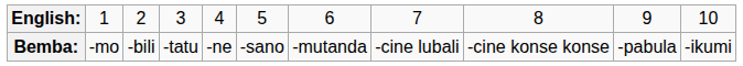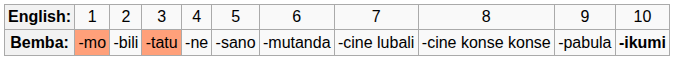 <table class="wikitable" style="margin:1em auto;">
 <tr align="center">
 <th align="right">English:</th>
 <td>1</td>
 <td>2</td>
 <td>3</td>
 <td>4</td>
 <td>5</td>
 <td>6</td>
 <td>7</td>
 <td>8</td>
 <td>9</td>
 <td>10</td>
 </tr>
 <tr align="center">
 <th align="center">Bemba:</th>
-<td>-mo</td>
+<td style="background: lightsalmon;">-mo</td>
 <td>-bili</td>
-<td>-tatu</td>
+<td style="background: lightsalmon;">-tatu</td>
 <td>-ne</td>
 <td>-sano</td>
 <td>-mutanda</td>
 <td>-cine lubali</td>
 <td>-cine konse konse</td>
 <td>-pabula</td>
-<td>-ikumi</td>
+<td><strong>-ikumi</strong></td>
 </tr>
 </table>
